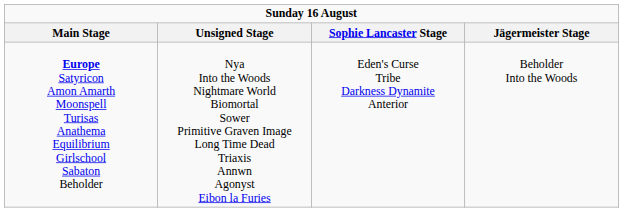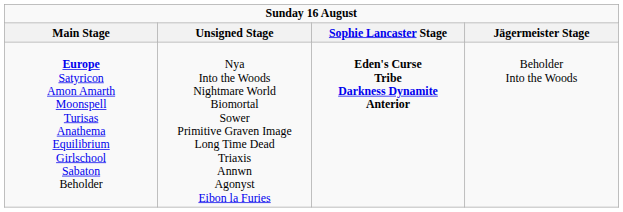 <table class="wikitable">
 <tr>
 <td colspan="4" align="center"><strong>Sunday 16 August</strong></td>
 </tr>
 <tr>
 <th>Main Stage</th>
 <th>Unsigned Stage</th>
 <th><a href='#'>Sophie Lancaster</a> Stage</th>
 <th>Jägermeister Stage</th>
 </tr>
 <tr>
 <td valign="top" align="center" width=200><br><strong><a href='#'>Europe</a></strong><br> <a href='#'>Satyricon</a><br> <a href='#'>Amon Amarth</a><br> <a href='#'>Moonspell</a><br> <a href='#'>Turisas</a><br> <a href='#'>Anathema</a><br> <a href='#'>Equilibrium</a><br> <a href='#'>Girlschool</a><br> <a href='#'>Sabaton</a><br> Beholder<br></td>
 <td valign="top" align="center" width=200><br>Nya<br> Into the Woods<br> Nightmare World<br> Biomortal<br> Sower<br> Primitive Graven Image<br> Long Time Dead<br> Triaxis<br> Annwn<br> Agonyst<br> <a href='#'>Eibon la Furies</a><br></td>
-<td valign="top" align="center" width=200><br>Eden's Curse<br> Tribe<br> <a href='#'>Darkness Dynamite</a><br> Anterior<br></td>
+<td valign="top" align="center" width=200><strong><br>Eden's Curse<br> Tribe<br> <a href='#'>Darkness Dynamite</a><br> Anterior<br></strong></td>
 <td valign="top" align="center" width=200><br>Beholder<br> Into the Woods</td>
 </tr>
 </table>
